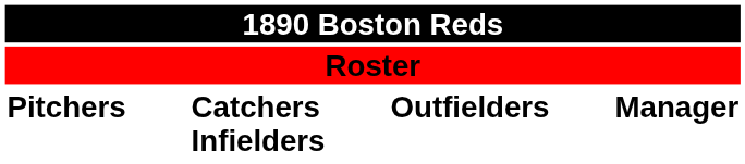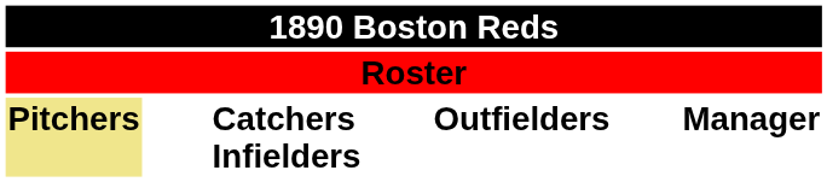 <table class="toccolours" style="font-size: 95%;">
 <tr>
 <th colspan="10" style="background-color: black; color: white; text-align: center;">1890 Boston Reds</th>
 </tr>
 <tr>
 <td colspan="10" style="background-color: red; color: black; text-align: center;"><strong>Roster</strong></td>
 </tr>
 <tr>
-<td valign="top"><strong>Pitchers</strong><br>    </td>
+<td valign="top" style="background: khaki;"><strong>Pitchers</strong><br>    </td>
 <td width="25px"></td>
 <td valign="top"><strong>Catchers</strong><br>   <strong>Infielders</strong>     </td>
 <td width="25px"></td>
 <td valign="top"><strong>Outfielders</strong><br>   </td>
 <td width="25px"></td>
 <td valign="top"><strong>Manager</strong><br></td>
 </tr>
 </table>
